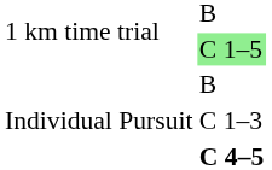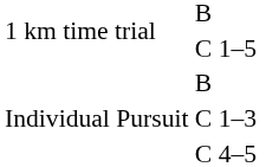 <table>
 <tr>
 <td rowspan=2>1 km time trial</td>
 <td>B<br></td>
 <td><br></td>
 <td><br></td>
 <td><br></td>
 </tr>
 <tr>
-<td style="background: lightgreen;">C 1–5<br> </td>
+<td>C 1–5<br> </td>
 <td></td>
 <td></td>
 <td></td>
 </tr>
 <tr>
 <td rowspan=3>Individual Pursuit</td>
 <td>B<br></td>
 <td><br></td>
 <td><br></td>
 <td><br></td>
 </tr>
 <tr>
 <td>C 1–3<br></td>
 <td></td>
 <td></td>
 <td></td>
 </tr>
 <tr>
-<td><strong>C 4–5<br></strong></td>
+<td>C 4–5<br></td>
 <td></td>
 <td></td>
 <td></td>
 </tr>
 </table>
